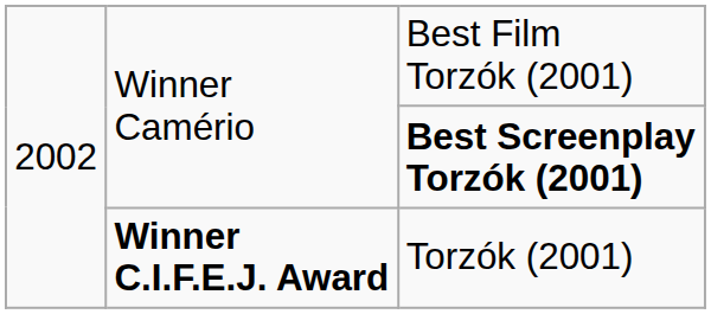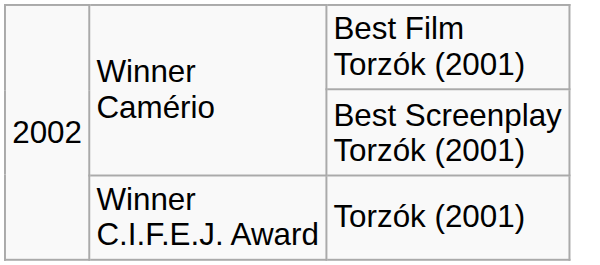 <table class="wikitable">
 <tr>
 <td rowspan="3">2002</td>
 <td rowspan="2">Winner<br>Camério</td>
 <td>Best Film<br>Torzók (2001)</td>
 </tr>
 <tr>
-<td><strong>Best Screenplay<br>Torzók (2001)</strong></td>
+<td>Best Screenplay<br>Torzók (2001)</td>
 </tr>
 <tr>
-<td rowspan="1"><strong>Winner<br>C.I.F.E.J. Award</strong></td>
+<td rowspan="1">Winner<br>C.I.F.E.J. Award</td>
 <td>Torzók (2001)</td>
 </tr>
 </table>
